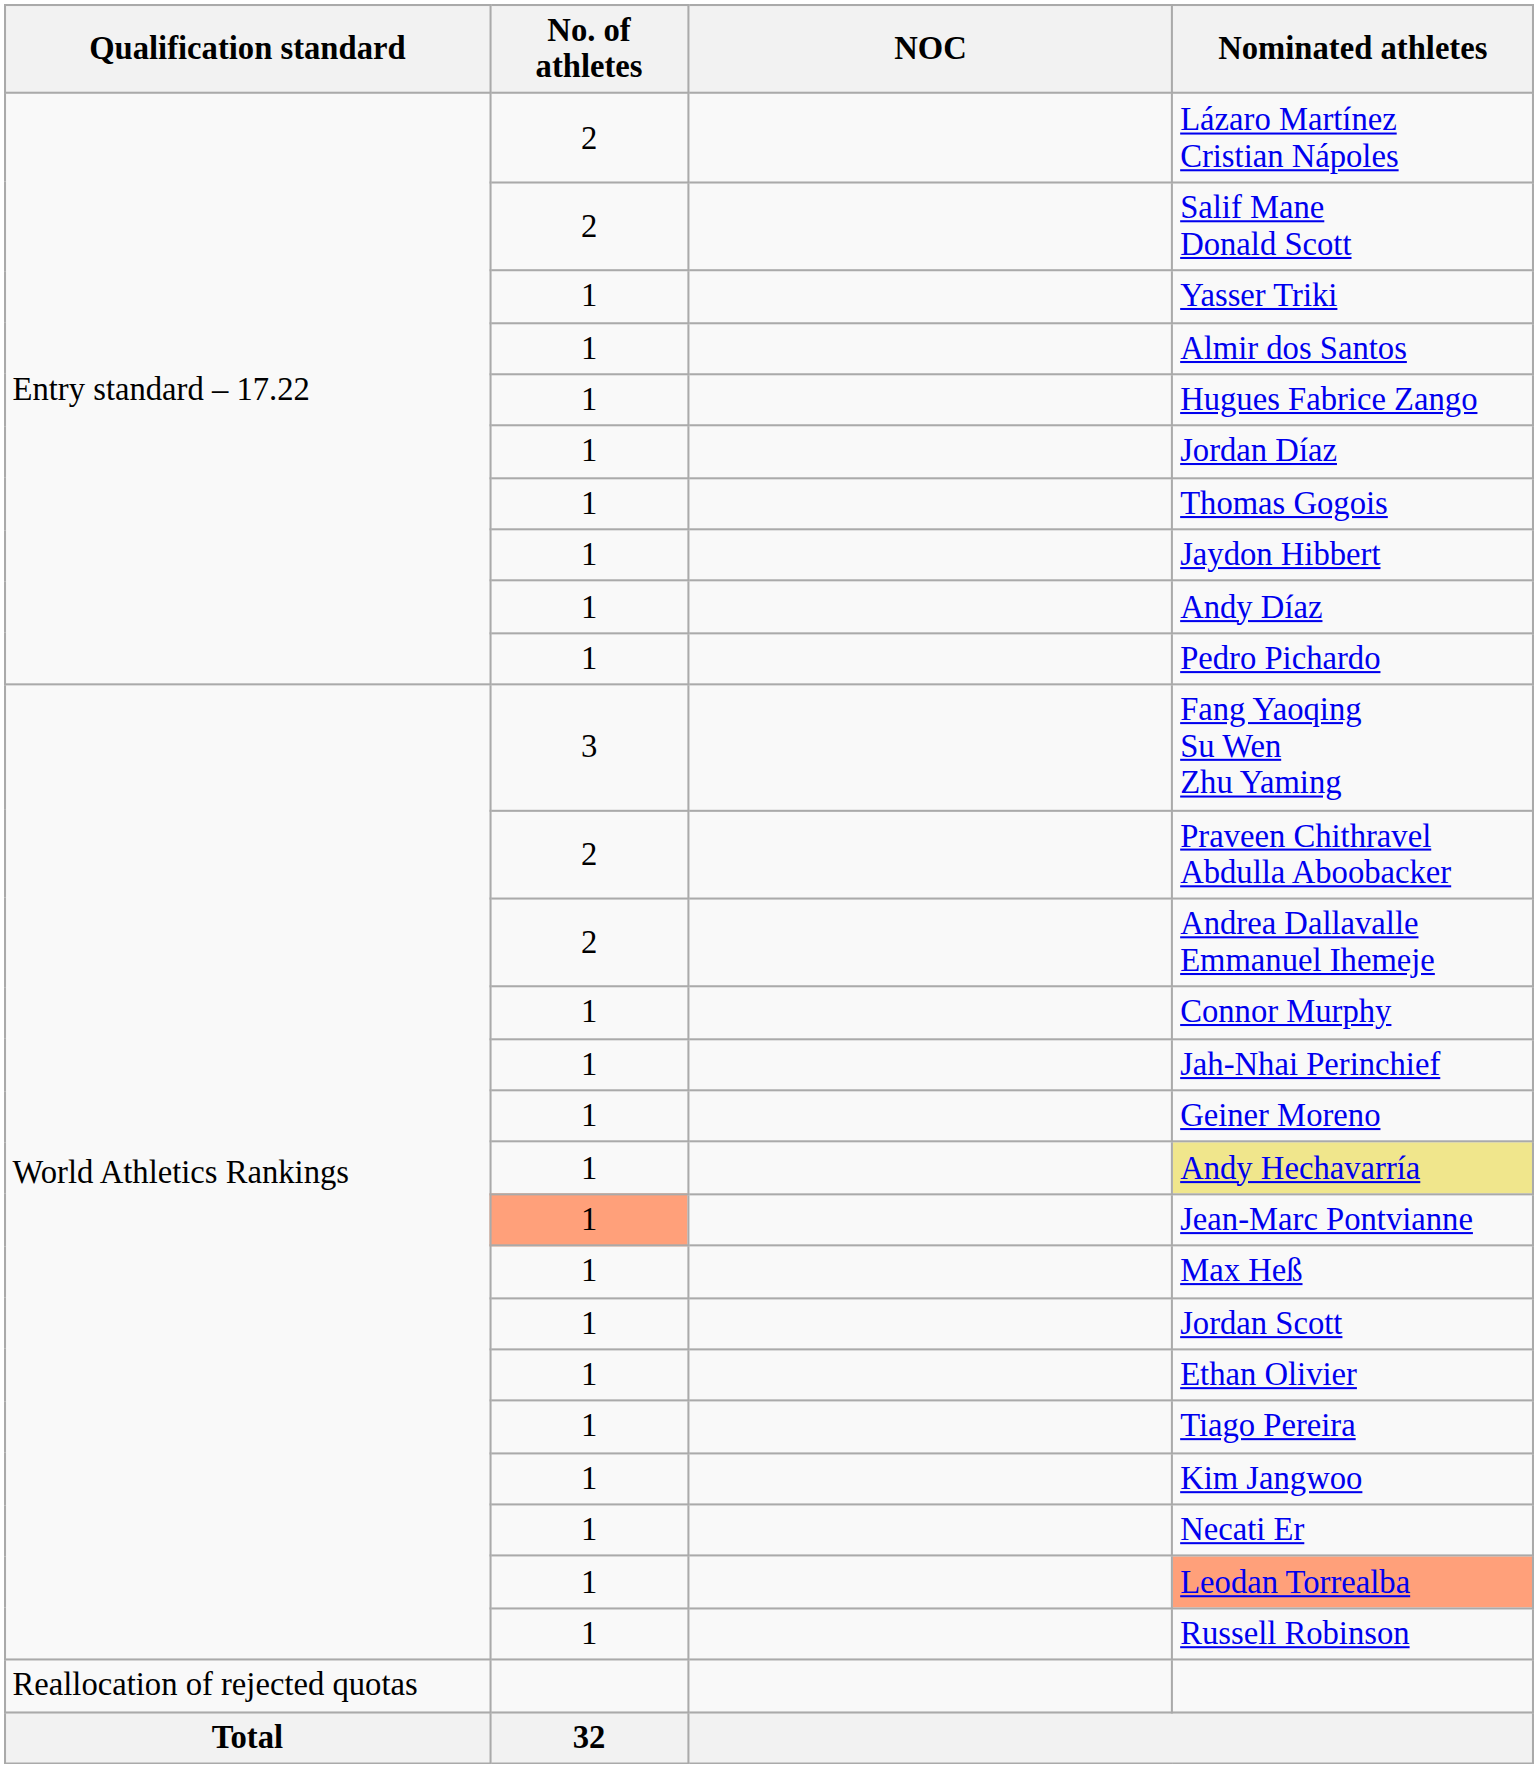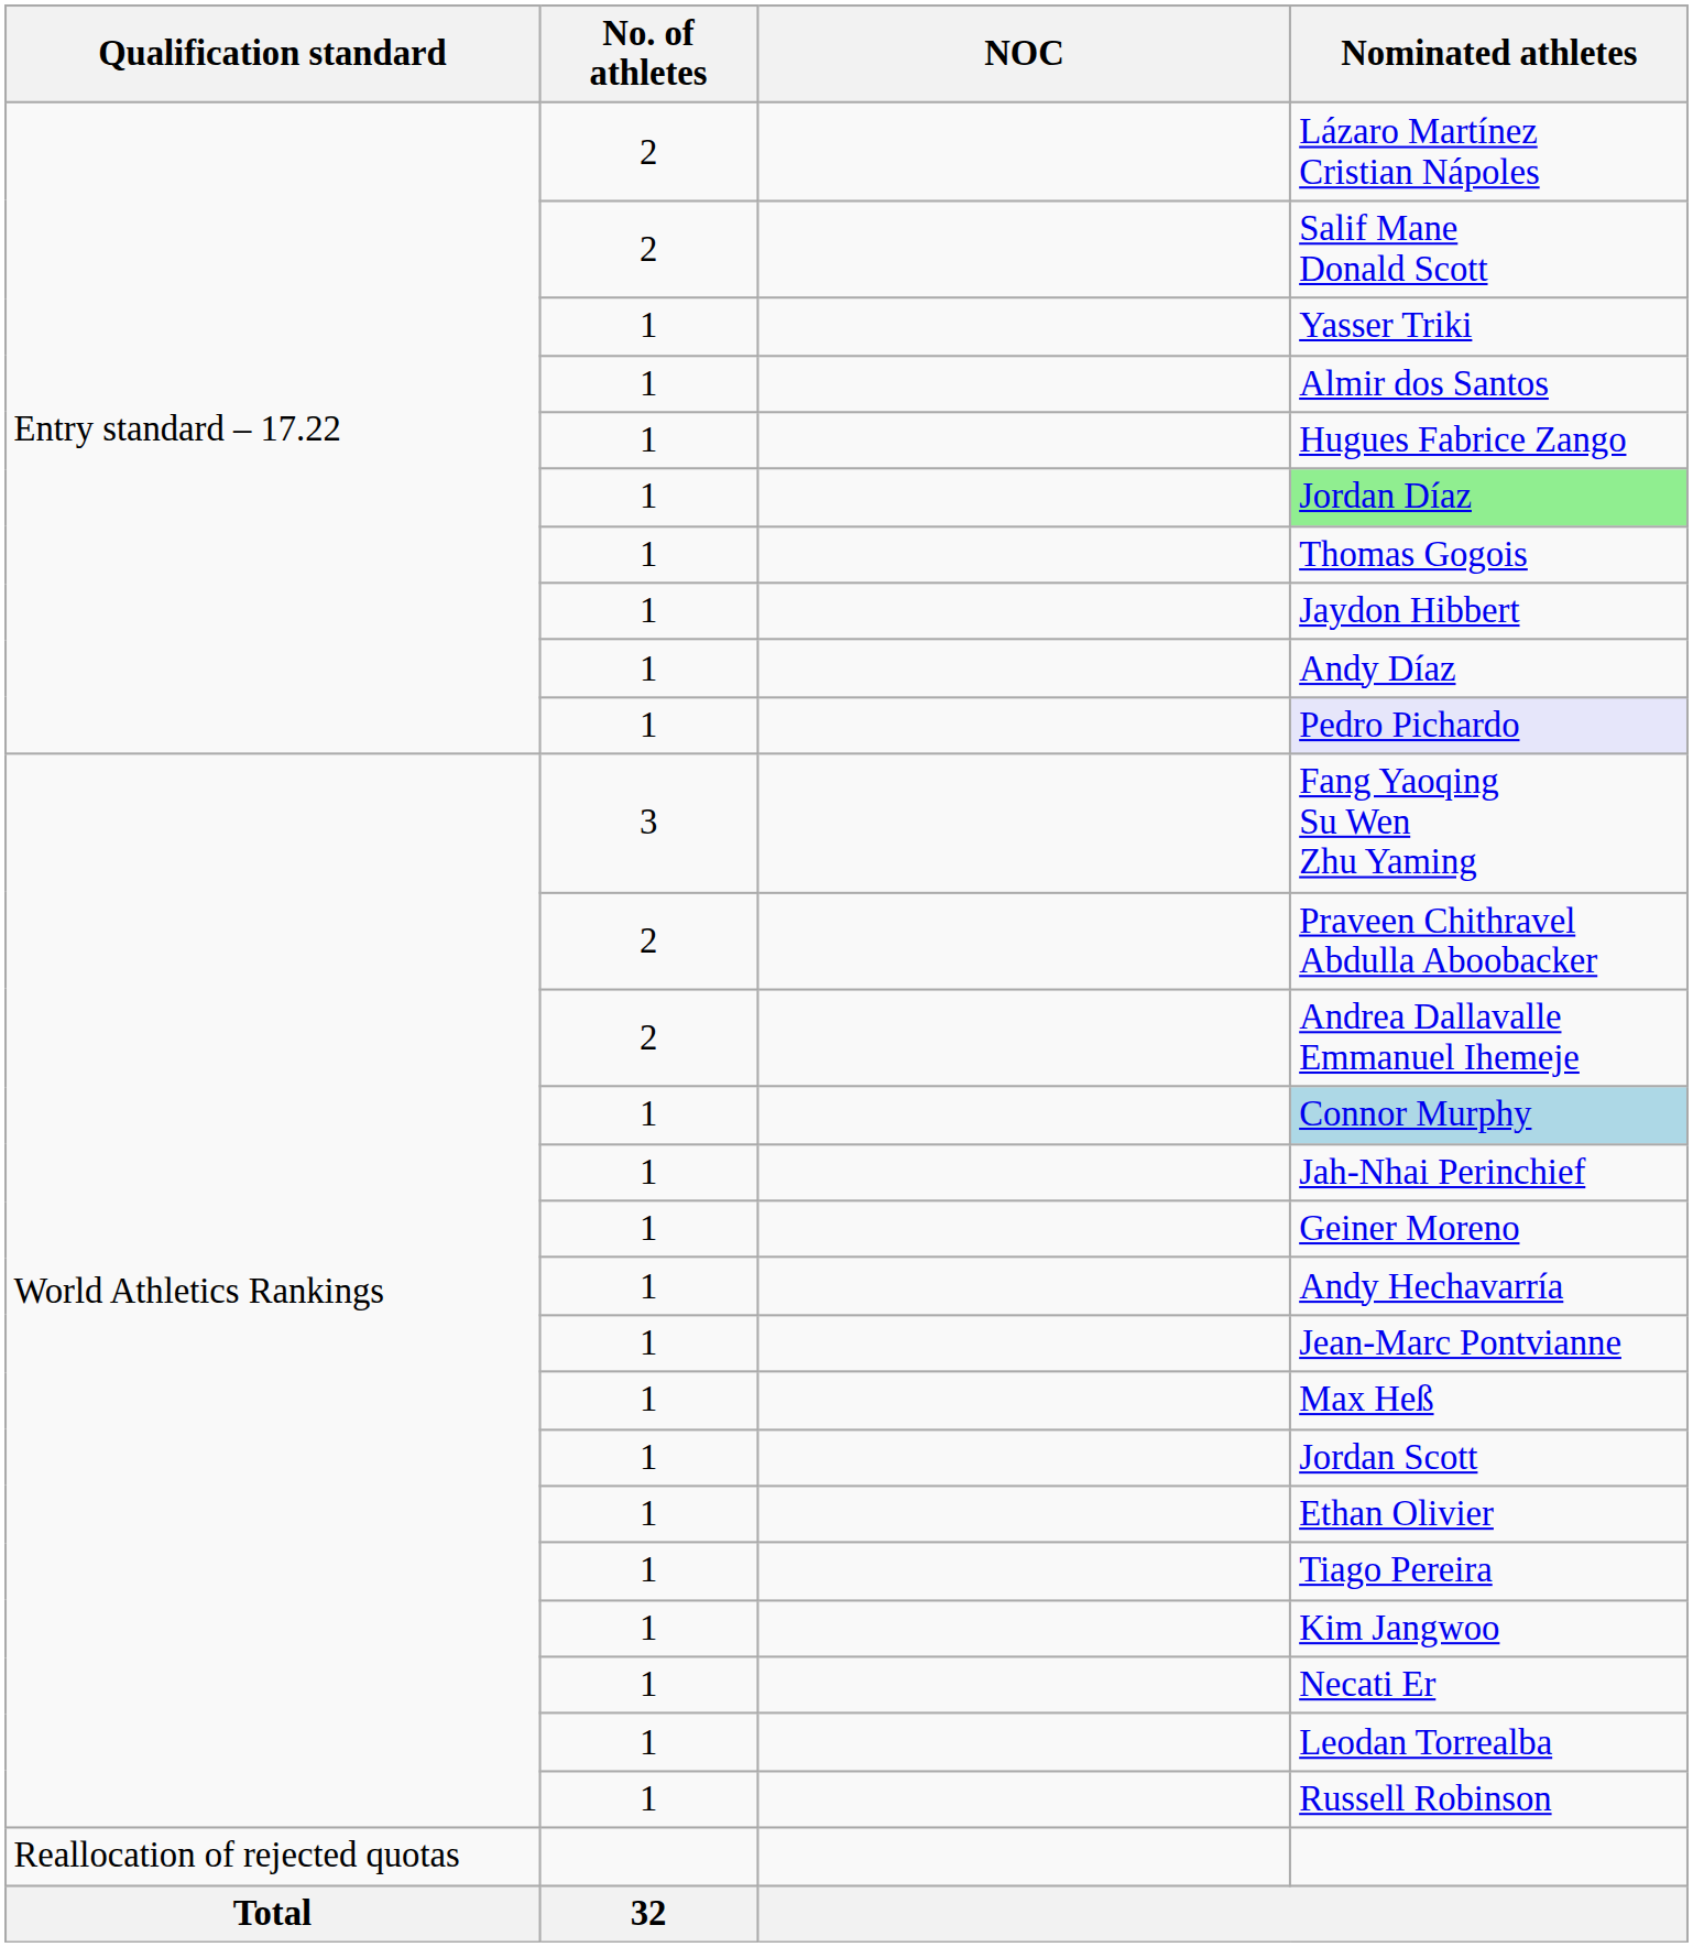 <table class="wikitable sortable" style="text-align:left; width:750px;">
 <tr>
 <th>Qualification standard</th>
 <th width=90>No. of athletes</th>
 <th width=230>NOC</th>
 <th>Nominated athletes</th>
 </tr>
 <tr>
 <td rowspan=10>Entry standard – 17.22</td>
 <td align=center>2</td>
 <td></td>
 <td><a href='#'>Lázaro Martínez</a><br><a href='#'>Cristian Nápoles</a></td>
 </tr>
 <tr>
 <td align=center>2</td>
 <td></td>
 <td><a href='#'>Salif Mane</a><br><a href='#'>Donald Scott</a></td>
 </tr>
 <tr>
 <td align=center>1</td>
 <td></td>
 <td><a href='#'>Yasser Triki</a></td>
 </tr>
 <tr>
 <td align=center>1</td>
 <td></td>
 <td><a href='#'>Almir dos Santos</a></td>
 </tr>
 <tr>
 <td align=center>1</td>
 <td></td>
 <td><a href='#'>Hugues Fabrice Zango</a></td>
 </tr>
 <tr>
 <td align=center>1</td>
 <td></td>
-<td><a href='#'>Jordan Díaz</a></td>
+<td style="background: lightgreen;"><a href='#'>Jordan Díaz</a></td>
 </tr>
 <tr>
 <td align=center>1</td>
 <td></td>
 <td><a href='#'>Thomas Gogois</a></td>
 </tr>
 <tr>
 <td align=center>1</td>
 <td></td>
 <td><a href='#'>Jaydon Hibbert</a></td>
 </tr>
 <tr>
 <td align=center>1</td>
 <td></td>
 <td><a href='#'>Andy Díaz</a></td>
 </tr>
 <tr>
 <td align=center>1</td>
 <td></td>
-<td><a href='#'>Pedro Pichardo</a></td>
+<td style="background: lavender;"><a href='#'>Pedro Pichardo</a></td>
 </tr>
 <tr>
 <td rowspan="16">World Athletics Rankings</td>
 <td align=center>3</td>
 <td></td>
 <td rowspan="1"><a href='#'>Fang Yaoqing</a><br><a href='#'>Su Wen</a><br><a href='#'>Zhu Yaming</a></td>
 </tr>
 <tr>
 <td align=center>2</td>
 <td rowspan="1"></td>
 <td><a href='#'>Praveen Chithravel</a><br><a href='#'>Abdulla Aboobacker</a></td>
 </tr>
 <tr>
 <td align=center>2</td>
 <td rowspan="1"></td>
 <td><a href='#'>Andrea Dallavalle</a><br><a href='#'>Emmanuel Ihemeje</a></td>
 </tr>
 <tr>
 <td align=center>1</td>
 <td rowspan="1"></td>
-<td><a href='#'>Connor Murphy</a></td>
+<td style="background: lightblue;"><a href='#'>Connor Murphy</a></td>
 </tr>
 <tr>
 <td align=center>1</td>
 <td rowspan="1"></td>
 <td><a href='#'>Jah-Nhai Perinchief</a></td>
 </tr>
 <tr>
 <td align=center>1</td>
 <td rowspan="1"></td>
 <td><a href='#'>Geiner Moreno</a></td>
 </tr>
 <tr>
 <td align=center>1</td>
 <td rowspan="1"></td>
-<td style="background: khaki;"><a href='#'>Andy Hechavarría</a></td>
+<td><a href='#'>Andy Hechavarría</a></td>
 </tr>
 <tr>
-<td align=center style="background: lightsalmon;">1</td>
+<td align=center>1</td>
 <td></td>
 <td><a href='#'>Jean-Marc Pontvianne</a></td>
 </tr>
 <tr>
 <td align=center>1</td>
 <td></td>
 <td><a href='#'>Max Heß</a></td>
 </tr>
 <tr>
 <td align=center>1</td>
 <td></td>
 <td><a href='#'>Jordan Scott</a></td>
 </tr>
 <tr>
 <td align=center>1</td>
 <td></td>
 <td><a href='#'>Ethan Olivier</a></td>
 </tr>
 <tr>
 <td align=center>1</td>
 <td></td>
 <td><a href='#'>Tiago Pereira</a></td>
 </tr>
 <tr>
 <td align=center>1</td>
 <td></td>
 <td><a href='#'>Kim Jangwoo</a></td>
 </tr>
 <tr>
 <td align=center>1</td>
 <td></td>
 <td><a href='#'>Necati Er</a></td>
 </tr>
 <tr>
 <td align=center>1</td>
 <td></td>
-<td style="background: lightsalmon;"><a href='#'>Leodan Torrealba</a></td>
+<td><a href='#'>Leodan Torrealba</a></td>
 </tr>
 <tr>
 <td align=center>1</td>
 <td></td>
 <td><a href='#'>Russell Robinson</a></td>
 </tr>
 <tr>
 <td>Reallocation of rejected quotas</td>
 <td align=center></td>
 <td></td>
 <td></td>
 </tr>
 <tr>
 <th>Total</th>
 <th>32</th>
 <th colspan=2></th>
 </tr>
 </table>
